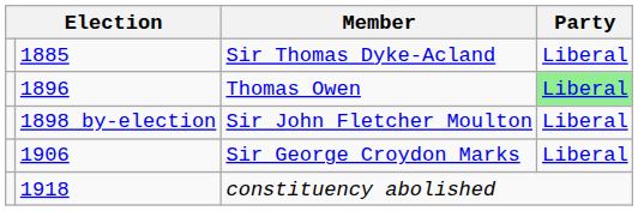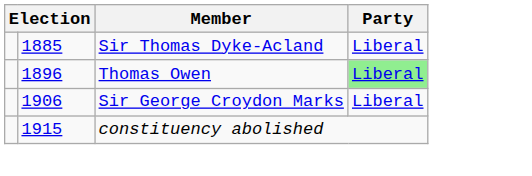 <table class="wikitable">
 <tr>
 <th colspan="2">Election</th>
 <th>Member</th>
 <th>Party</th>
 </tr>
 <tr>
 <td style="color:inherit;background-color: "></td>
 <td><a href='#'>1885</a></td>
 <td><a href='#'>Sir Thomas Dyke-Acland</a></td>
 <td><a href='#'>Liberal</a></td>
 </tr>
 <tr>
 <td style="color:inherit;background-color: "></td>
 <td><a href='#'>1896</a></td>
 <td><a href='#'>Thomas Owen</a></td>
 <td style="background: lightgreen;"><a href='#'>Liberal</a></td>
 </tr>
 <tr>
 <td style="color:inherit;background-color: "></td>
-<td><a href='#'>1898 by-election</a></td>
-<td><a href='#'>Sir John Fletcher Moulton</a></td>
-<td><a href='#'>Liberal</a></td>
-</tr>
-<tr>
-<td style="color:inherit;background-color: "></td>
 <td><a href='#'>1906</a></td>
 <td><a href='#'>Sir George Croydon Marks</a></td>
 <td><a href='#'>Liberal</a></td>
 </tr>
 <tr>
 <td></td>
-<td><a href='#'>1918</a></td>
+<td><a href='#'>1915</a></td>
 <td colspan="2"><em>constituency abolished</em></td>
 </tr>
 </table>
